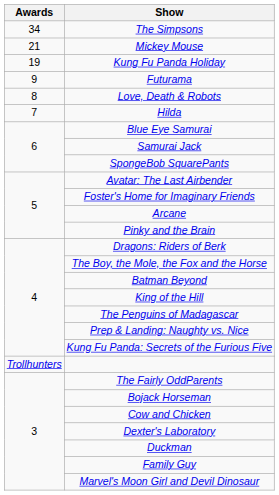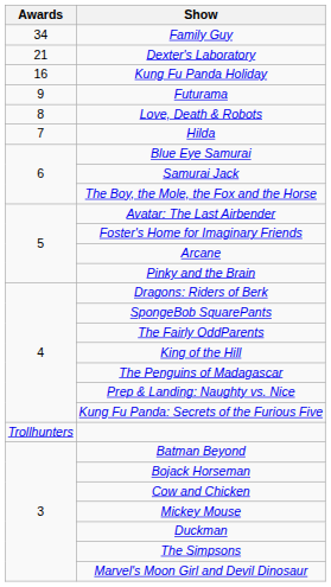 <table class="wikitable" style="text-align: center">
 <tr>
 <th scope="col" width="55">Awards</th>
 <th scope="col" align="center">Show</th>
 </tr>
 <tr>
 <td style="text-align:center">34</td>
-<td><em><a href='#'>The Simpsons</a></em></td>
+<td><em><a href='#'>Family Guy</a></em></td>
 </tr>
 <tr>
 <td style="text-align:center">21</td>
-<td><em><a href='#'>Mickey Mouse</a></em></td>
+<td><em><a href='#'>Dexter's Laboratory</a></em></td>
 </tr>
 <tr>
-<td style="text-align:center">19</td>
+<td style="text-align:center">16</td>
 <td><em><a href='#'>Kung Fu Panda Holiday</a></em></td>
 </tr>
 <tr>
 <td style="text-align:center">9</td>
 <td><em><a href='#'>Futurama</a></em></td>
 </tr>
 <tr>
 <td style="text-align:center">8</td>
 <td><em><a href='#'>Love, Death & Robots</a></em></td>
 </tr>
 <tr>
 <td style="text-align:center">7</td>
 <td><em><a href='#'>Hilda</a></em></td>
 </tr>
 <tr>
 <td rowspan=3 style="text-align:center">6</td>
 <td><em><a href='#'>Blue Eye Samurai</a></em></td>
 </tr>
 <tr>
 <td><em><a href='#'>Samurai Jack</a></em></td>
 </tr>
 <tr>
-<td><em><a href='#'>SpongeBob SquarePants</a></em></td>
+<td><em><a href='#'>The Boy, the Mole, the Fox and the Horse</a></em></td>
 </tr>
 <tr>
 <td rowspan=4 style="text-align:center">5</td>
 <td><em><a href='#'>Avatar: The Last Airbender</a></em></td>
 </tr>
 <tr>
 <td><em><a href='#'>Foster's Home for Imaginary Friends</a></em></td>
 </tr>
 <tr>
 <td><em><a href='#'>Arcane</a></em></td>
 </tr>
 <tr>
 <td><em><a href='#'>Pinky and the Brain</a></em></td>
 </tr>
 <tr>
 <td rowspan=8 style="text-align:center">4</td>
 <td><em><a href='#'>Dragons: Riders of Berk</a></em></td>
 </tr>
 <tr>
-<td><em><a href='#'>The Boy, the Mole, the Fox and the Horse</a></em></td>
+<td><em><a href='#'>SpongeBob SquarePants</a></em></td>
 </tr>
 <tr>
-<td><em><a href='#'>Batman Beyond</a></em></td>
+<td><em><a href='#'>The Fairly OddParents</a></em></td>
 </tr>
 <tr>
 <td><em><a href='#'>King of the Hill</a></em></td>
 </tr>
 <tr>
 <td><em><a href='#'>The Penguins of Madagascar</a></em></td>
 </tr>
 <tr>
 <td><em><a href='#'>Prep & Landing: Naughty vs. Nice</a></em></td>
 </tr>
 <tr>
 <td><em><a href='#'>Kung Fu Panda: Secrets of the Furious Five</a></em></td>
 </tr>
 <tr>
 </tr>
 <tr>
 <td><em><a href='#'>Trollhunters</a></em></td>
 </tr>
 <tr>
 <td rowspan=7 style="text-align:center">3</td>
-<td><em><a href='#'>The Fairly OddParents</a></em></td>
+<td><em><a href='#'>Batman Beyond</a></em></td>
 </tr>
 <tr>
 <td><em><a href='#'>Bojack Horseman</a></em></td>
 </tr>
 <tr>
 <td><em><a href='#'>Cow and Chicken</a></em></td>
 </tr>
 <tr>
-<td><em><a href='#'>Dexter's Laboratory</a></em></td>
+<td><em><a href='#'>Mickey Mouse</a></em></td>
 </tr>
 <tr>
 <td><em><a href='#'>Duckman</a></em></td>
 </tr>
 <tr>
-<td><em><a href='#'>Family Guy</a></em></td>
+<td><em><a href='#'>The Simpsons</a></em></td>
 </tr>
 <tr>
 <td><em><a href='#'>Marvel's Moon Girl and Devil Dinosaur</a></em></td>
 </tr>
 </table>
